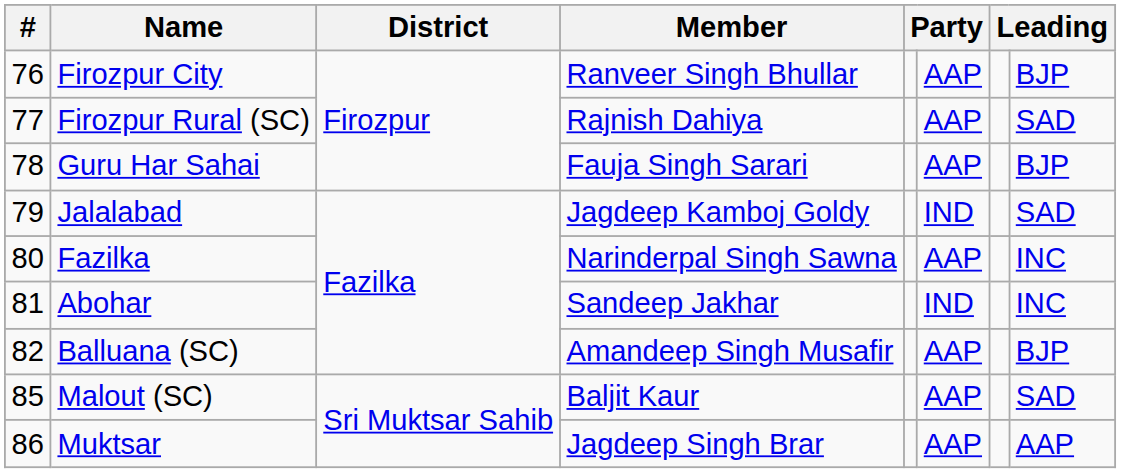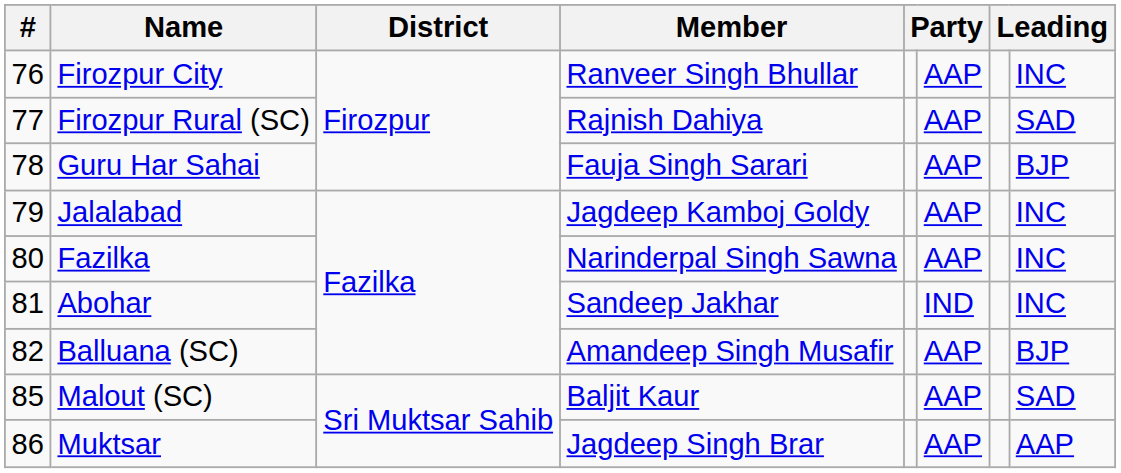 <table class="wikitable sortable">
 <tr>
 <th>#</th>
 <th>Name</th>
 <th>District</th>
 <th>Member</th>
 <th colspan=2>Party</th>
 <th colspan=2>Leading<br></th>
 </tr>
 <tr>
 <td>76</td>
 <td><a href='#'>Firozpur City</a></td>
 <td rowspan="3"><a href='#'>Firozpur</a></td>
 <td><a href='#'>Ranveer Singh Bhullar</a></td>
 <td style="background-color: "></td>
 <td><a href='#'>AAP</a></td>
 <td style="background-color:"></td>
-<td><a href='#'>BJP</a></td>
+<td><a href='#'>INC</a></td>
 </tr>
 <tr>
 <td>77</td>
 <td><a href='#'>Firozpur Rural</a> (SC)</td>
 <td><a href='#'>Rajnish Dahiya</a></td>
 <td style="background-color: "></td>
 <td><a href='#'>AAP</a></td>
 <td style="background-color:"></td>
 <td><a href='#'>SAD</a></td>
 </tr>
 <tr>
 <td>78</td>
 <td><a href='#'>Guru Har Sahai</a></td>
 <td><a href='#'>Fauja Singh Sarari</a></td>
 <td style="background-color: "></td>
 <td><a href='#'>AAP</a></td>
 <td style="background-color:"></td>
 <td><a href='#'>BJP</a></td>
 </tr>
 <tr>
 <td>79</td>
 <td><a href='#'>Jalalabad</a></td>
 <td rowspan="4"><a href='#'>Fazilka</a></td>
 <td><a href='#'>Jagdeep Kamboj Goldy</a></td>
 <td style="background-color: "></td>
-<td><a href='#'>IND</a></td>
+<td><a href='#'>AAP</a></td>
 <td style="background-color:"></td>
-<td><a href='#'>SAD</a></td>
+<td><a href='#'>INC</a></td>
 </tr>
 <tr>
 <td>80</td>
 <td><a href='#'>Fazilka</a></td>
 <td><a href='#'>Narinderpal Singh Sawna</a></td>
 <td style="background-color: "></td>
 <td><a href='#'>AAP</a></td>
 <td style="background-color:"></td>
 <td><a href='#'>INC</a></td>
 </tr>
 <tr>
 <td>81</td>
 <td><a href='#'>Abohar</a></td>
 <td><a href='#'>Sandeep Jakhar</a></td>
 <td style="background-color: "></td>
 <td><a href='#'>IND</a></td>
 <td style="background-color:"></td>
 <td><a href='#'>INC</a></td>
 </tr>
 <tr>
 <td>82</td>
 <td><a href='#'>Balluana</a> (SC)</td>
 <td><a href='#'>Amandeep Singh Musafir</a></td>
 <td style="background-color: "></td>
 <td><a href='#'>AAP</a></td>
 <td style="background-color:"></td>
 <td><a href='#'>BJP</a></td>
 </tr>
 <tr>
 <td>85</td>
 <td><a href='#'>Malout</a> (SC)</td>
 <td rowspan="2"><a href='#'>Sri Muktsar Sahib</a></td>
 <td><a href='#'>Baljit Kaur</a></td>
 <td style="background-color: "></td>
 <td><a href='#'>AAP</a></td>
 <td style="background-color:"></td>
 <td><a href='#'>SAD</a></td>
 </tr>
 <tr>
 <td>86</td>
 <td><a href='#'>Muktsar</a></td>
 <td><a href='#'>Jagdeep Singh Brar</a></td>
 <td style="background-color: "></td>
 <td><a href='#'>AAP</a></td>
 <td style="background-color: "></td>
 <td><a href='#'>AAP</a></td>
 </tr>
 </table>
